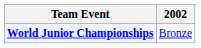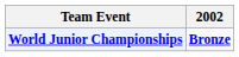 <table class="wikitable" style="font-size: 90%; text-align:center">
 <tr>
 <th>Team Event</th>
 <th>2002</th>
 </tr>
 <tr>
 <td bgcolor="#ECF2FF"; align="left"><strong><a href='#'> World Junior Championships</a></strong></td>
-<td> <a href='#'>Bronze</a></td>
+<td><strong> <a href='#'>Bronze</a></strong></td>
 </tr>
 </table>
